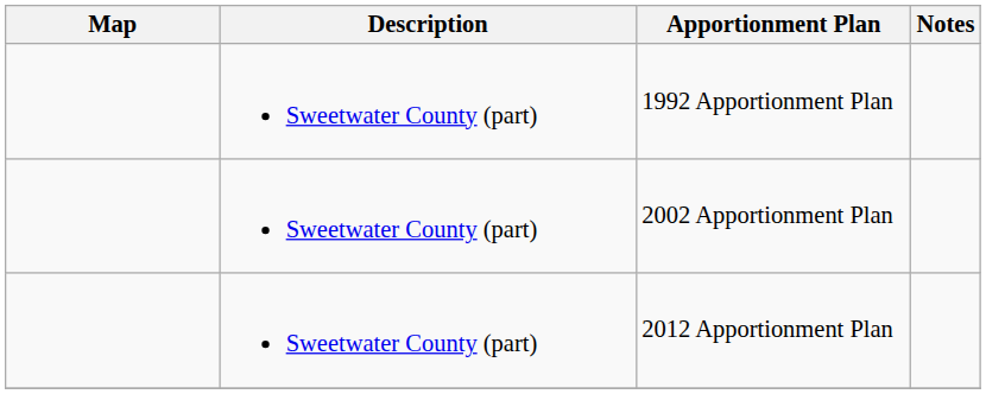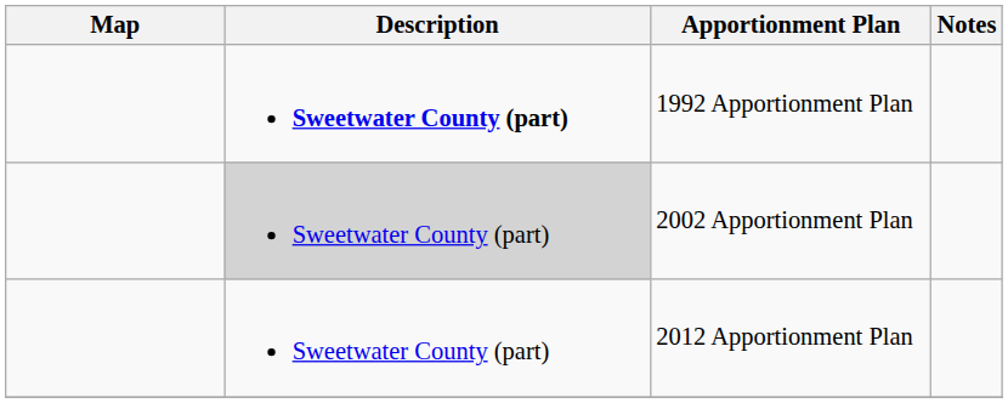 <table class="wikitable sortable">
 <tr>
 <th style="width:100pt;">Map</th>
 <th style="width:200pt;">Description</th>
 <th style="width:130pt;">Apportionment Plan</th>
 <th style="width:15pt;">Notes</th>
 </tr>
 <tr>
 <td></td>
-<td><br><ul><li><a href='#'>Sweetwater County</a> (part)</li></ul></td>
+<td><strong><br><ul><li><a href='#'>Sweetwater County</a> (part)</li></ul></strong></td>
 <td>1992 Apportionment Plan</td>
 <td></td>
 </tr>
 <tr>
 <td></td>
-<td><br><ul><li><a href='#'>Sweetwater County</a> (part)</li></ul></td>
+<td style="background: lightgrey;"><br><ul><li><a href='#'>Sweetwater County</a> (part)</li></ul></td>
 <td>2002 Apportionment Plan</td>
 <td></td>
 </tr>
 <tr>
 <td></td>
 <td><br><ul><li><a href='#'>Sweetwater County</a> (part)</li></ul></td>
 <td>2012 Apportionment Plan</td>
 <td></td>
 </tr>
 <tr>
 </tr>
 </table>
